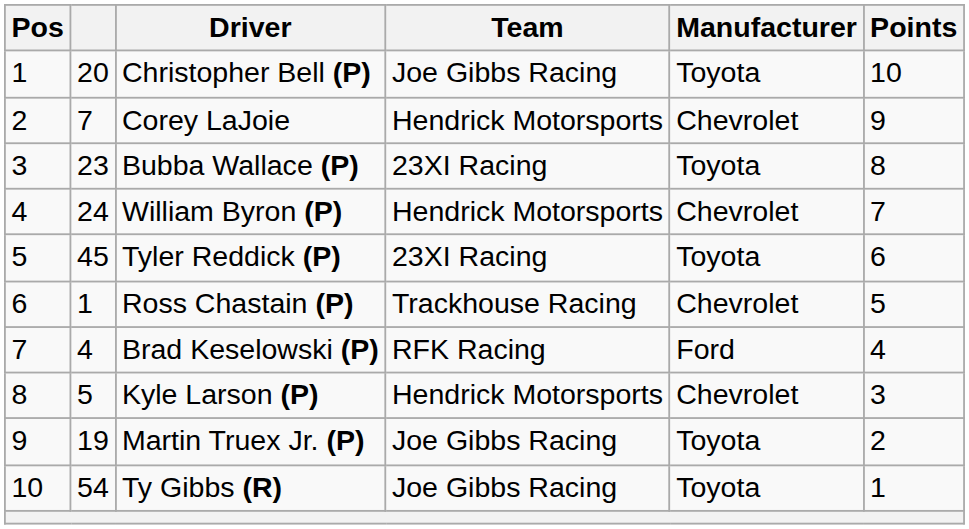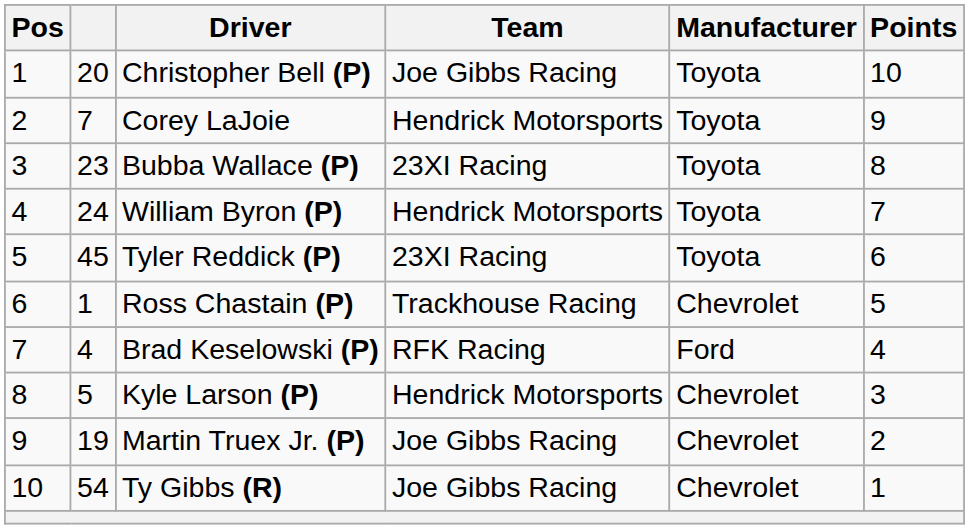 <table class="wikitable" style="font-size:98%">
 <tr>
 <th>Pos</th>
 <th></th>
 <th>Driver</th>
 <th>Team</th>
 <th>Manufacturer</th>
 <th>Points</th>
 </tr>
 <tr>
 <td>1</td>
 <td>20</td>
 <td>Christopher Bell <strong>(P)</strong></td>
 <td>Joe Gibbs Racing</td>
 <td>Toyota</td>
 <td>10</td>
 </tr>
 <tr>
 <td>2</td>
 <td>7</td>
 <td>Corey LaJoie</td>
 <td>Hendrick Motorsports</td>
-<td>Chevrolet</td>
+<td>Toyota</td>
 <td>9</td>
 </tr>
 <tr>
 <td>3</td>
 <td>23</td>
 <td>Bubba Wallace <strong>(P)</strong></td>
 <td>23XI Racing</td>
 <td>Toyota</td>
 <td>8</td>
 </tr>
 <tr>
 <td>4</td>
 <td>24</td>
 <td>William Byron <strong>(P)</strong></td>
 <td>Hendrick Motorsports</td>
-<td>Chevrolet</td>
+<td>Toyota</td>
 <td>7</td>
 </tr>
 <tr>
 <td>5</td>
 <td>45</td>
 <td>Tyler Reddick <strong>(P)</strong></td>
 <td>23XI Racing</td>
 <td>Toyota</td>
 <td>6</td>
 </tr>
 <tr>
 <td>6</td>
 <td>1</td>
 <td>Ross Chastain <strong>(P)</strong></td>
 <td>Trackhouse Racing</td>
 <td>Chevrolet</td>
 <td>5</td>
 </tr>
 <tr>
 <td>7</td>
 <td>4</td>
 <td>Brad Keselowski <strong>(P)</strong></td>
 <td>RFK Racing</td>
 <td>Ford</td>
 <td>4</td>
 </tr>
 <tr>
 <td>8</td>
 <td>5</td>
 <td>Kyle Larson <strong>(P)</strong></td>
 <td>Hendrick Motorsports</td>
 <td>Chevrolet</td>
 <td>3</td>
 </tr>
 <tr>
 <td>9</td>
 <td>19</td>
 <td>Martin Truex Jr. <strong>(P)</strong></td>
 <td>Joe Gibbs Racing</td>
-<td>Toyota</td>
+<td>Chevrolet</td>
 <td>2</td>
 </tr>
 <tr>
 <td>10</td>
 <td>54</td>
 <td>Ty Gibbs <strong>(R)</strong></td>
 <td>Joe Gibbs Racing</td>
-<td>Toyota</td>
+<td>Chevrolet</td>
 <td>1</td>
 </tr>
 <tr>
 <th colspan="6"></th>
 </tr>
 </table>
